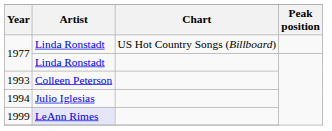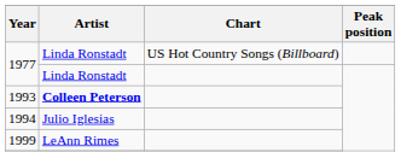 <table class="wikitable">
 <tr>
 </tr>
 <tr>
 <th scope="col">Year</th>
 <th scope="col">Artist</th>
 <th scope="col">Chart</th>
 <th scope="col">Peak<br>position</th>
 </tr>
 <tr>
 <td rowspan=2>1977</td>
 <td><a href='#'>Linda Ronstadt</a></td>
 <td>US Hot Country Songs (<em>Billboard</em>)</td>
 <td></td>
 </tr>
 <tr>
 <td><a href='#'>Linda Ronstadt</a></td>
 <td></td>
 </tr>
 <tr>
 <td>1993</td>
-<td><a href='#'>Colleen Peterson</a></td>
+<td><strong><a href='#'>Colleen Peterson</a></strong></td>
 <td></td>
 </tr>
 <tr>
 <td>1994</td>
 <td><a href='#'>Julio Iglesias</a></td>
 <td></td>
 </tr>
 <tr>
 <td>1999</td>
-<td style="background: lavender;"><a href='#'>LeAnn Rimes</a></td>
+<td><a href='#'>LeAnn Rimes</a></td>
 <td></td>
 </tr>
 <tr>
 </tr>
 </table>
